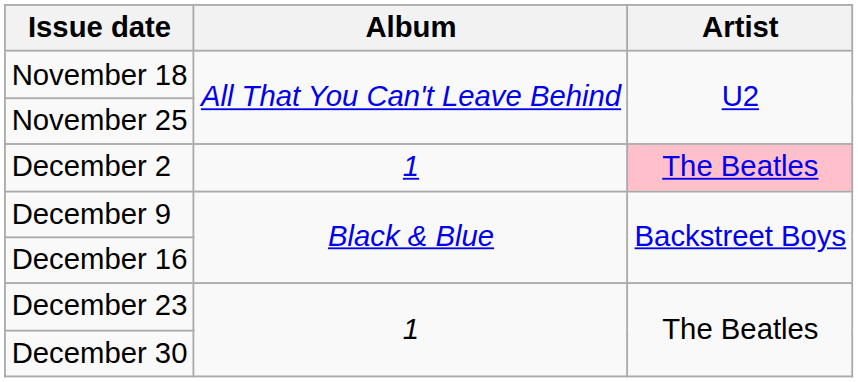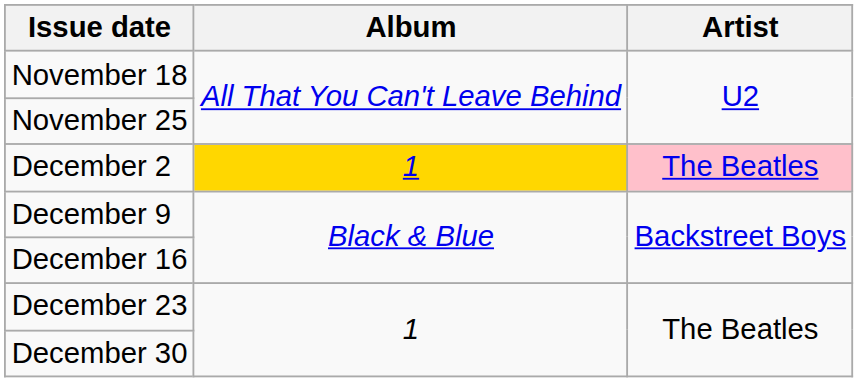 <table class="wikitable sortable">
 <tr>
 <th><strong>Issue date</strong></th>
 <th><strong>Album</strong></th>
 <th><strong>Artist</strong></th>
 </tr>
 <tr>
 <td>November 18</td>
 <td rowspan="2" align="center"><em><a href='#'>All That You Can't Leave Behind</a></em></td>
 <td rowspan="2" align="center"><a href='#'>U2</a></td>
 </tr>
 <tr>
 <td>November 25</td>
 </tr>
 <tr>
 <td>December 2</td>
-<td align="center"><em><a href='#'>1</a></em></td>
+<td align="center" style="background: gold;"><em><a href='#'>1</a></em></td>
 <td align="center" style="background: pink;"><a href='#'>The Beatles</a></td>
 </tr>
 <tr>
 <td>December 9</td>
 <td rowspan="2" align="center"><em><a href='#'>Black & Blue</a></em></td>
 <td rowspan="2" align="center"><a href='#'>Backstreet Boys</a></td>
 </tr>
 <tr>
 <td>December 16</td>
 </tr>
 <tr>
 <td>December 23</td>
 <td rowspan="2" align="center"><em>1</em></td>
 <td rowspan="2" align="center">The Beatles</td>
 </tr>
 <tr>
 <td>December 30</td>
 </tr>
 </table>
